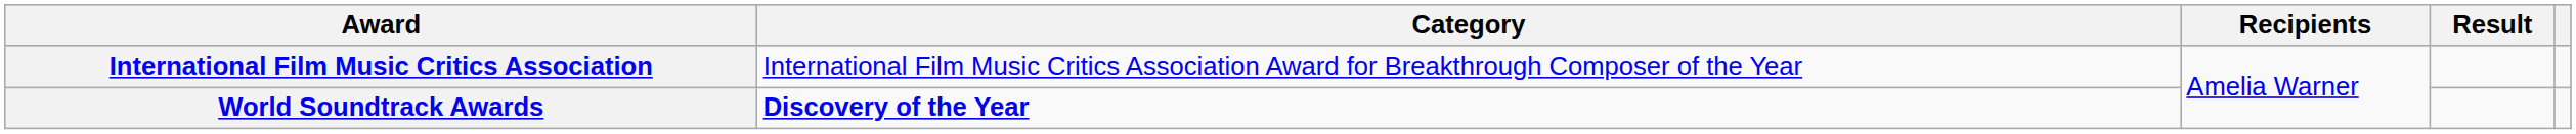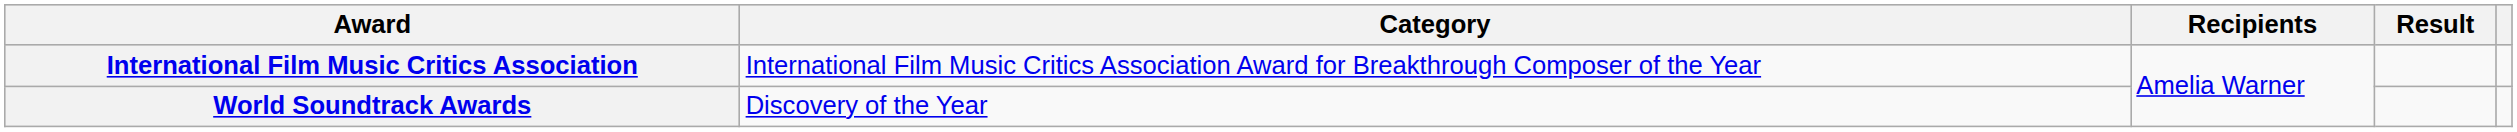 <table class="wikitable plainrowheaders" style="width:99%;">
 <tr>
 <th scope="col">Award</th>
 <th scope="col">Category</th>
 <th scope="col">Recipients</th>
 <th scope="col">Result</th>
 <th scope="col"></th>
 </tr>
 <tr>
 <th scope="row"><a href='#'>International Film Music Critics Association</a></th>
 <td><a href='#'>International Film Music Critics Association Award for Breakthrough Composer of the Year</a></td>
 <td rowspan="2"><a href='#'>Amelia Warner</a></td>
 <td></td>
 <td style="text-align:center;"><br></td>
 </tr>
 <tr>
 <th scope="row"><a href='#'>World Soundtrack Awards</a></th>
-<td><strong><a href='#'>Discovery of the Year</a></strong></td>
+<td><a href='#'>Discovery of the Year</a></td>
 <td></td>
 <td style="text-align:center;"><br></td>
 </tr>
 </table>
